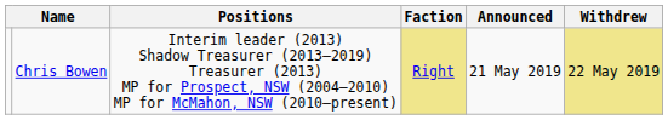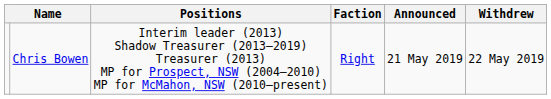 <table class="wikitable sortable" style="text-align:center">
 <tr>
 <th colspan=2>Name<br></th>
 <th>Positions</th>
 <th>Faction</th>
 <th>Announced</th>
 <th>Withdrew</th>
 </tr>
 <tr>
 <td></td>
 <td><a href='#'>Chris Bowen</a><br></td>
 <td>Interim leader (2013)<br>Shadow Treasurer (2013–2019)<br>Treasurer (2013)<br>MP for <a href='#'>Prospect, NSW</a> (2004–2010)<br>MP for <a href='#'>McMahon, NSW</a> (2010–present)</td>
-<td style="background: khaki;"><a href='#'>Right</a></td>
+<td><a href='#'>Right</a></td>
 <td>21 May 2019</td>
-<td style="background: khaki;">22 May 2019</td>
+<td>22 May 2019</td>
 </tr>
 </table>
